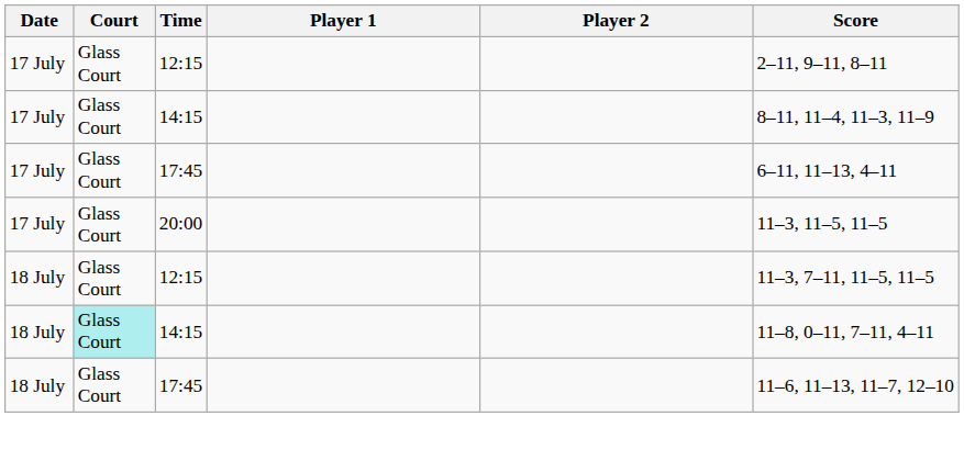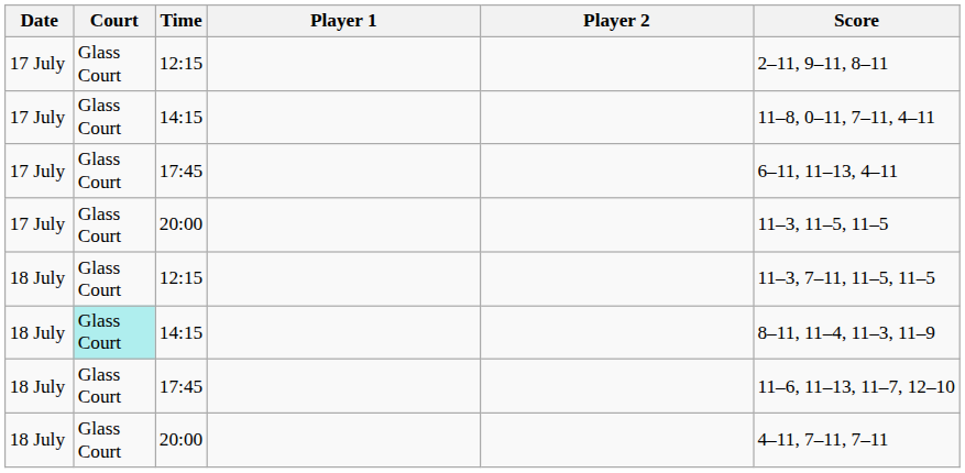 <table class="sortable wikitable" style="font-size:90%">
 <tr>
 <th width="45" class="unsortable">Date</th>
 <th width="55">Court</th>
 <th width="30">Time</th>
 <th width="200">Player 1</th>
 <th width="200">Player 2</th>
 <th width="150" class="unsortable">Score</th>
 </tr>
 <tr>
 <td>17 July</td>
 <td>Glass Court</td>
 <td>12:15</td>
 <td></td>
 <td><strong></strong></td>
 <td>2–11, 9–11, 8–11</td>
 </tr>
 <tr>
 <td>17 July</td>
 <td>Glass Court</td>
 <td>14:15</td>
 <td><strong></strong></td>
 <td></td>
-<td>8–11, 11–4, 11–3, 11–9</td>
+<td>11–8, 0–11, 7–11, 4–11</td>
 </tr>
 <tr>
 <td>17 July</td>
 <td>Glass Court</td>
 <td>17:45</td>
 <td></td>
 <td><strong></strong></td>
 <td>6–11, 11–13, 4–11</td>
 </tr>
 <tr>
 <td>17 July</td>
 <td>Glass Court</td>
 <td>20:00</td>
 <td><strong></strong></td>
 <td></td>
 <td>11–3, 11–5, 11–5</td>
 </tr>
 <tr>
 <td>18 July</td>
 <td>Glass Court</td>
 <td>12:15</td>
 <td><strong></strong></td>
 <td></td>
 <td>11–3, 7–11, 11–5, 11–5</td>
 </tr>
 <tr>
 <td>18 July</td>
 <td style="background: paleturquoise;">Glass Court</td>
 <td>14:15</td>
 <td></td>
 <td><strong></strong></td>
-<td>11–8, 0–11, 7–11, 4–11</td>
+<td>8–11, 11–4, 11–3, 11–9</td>
 </tr>
 <tr>
 <td>18 July</td>
 <td>Glass Court</td>
 <td>17:45</td>
 <td><strong></strong></td>
 <td></td>
 <td>11–6, 11–13, 11–7, 12–10</td>
 </tr>
+<tr>
+<td>18 July</td>
+<td>Glass Court</td>
+<td>20:00</td>
+<td></td>
+<td><strong></strong></td>
+<td>4–11, 7–11, 7–11</td>
+</tr>
 </table>
